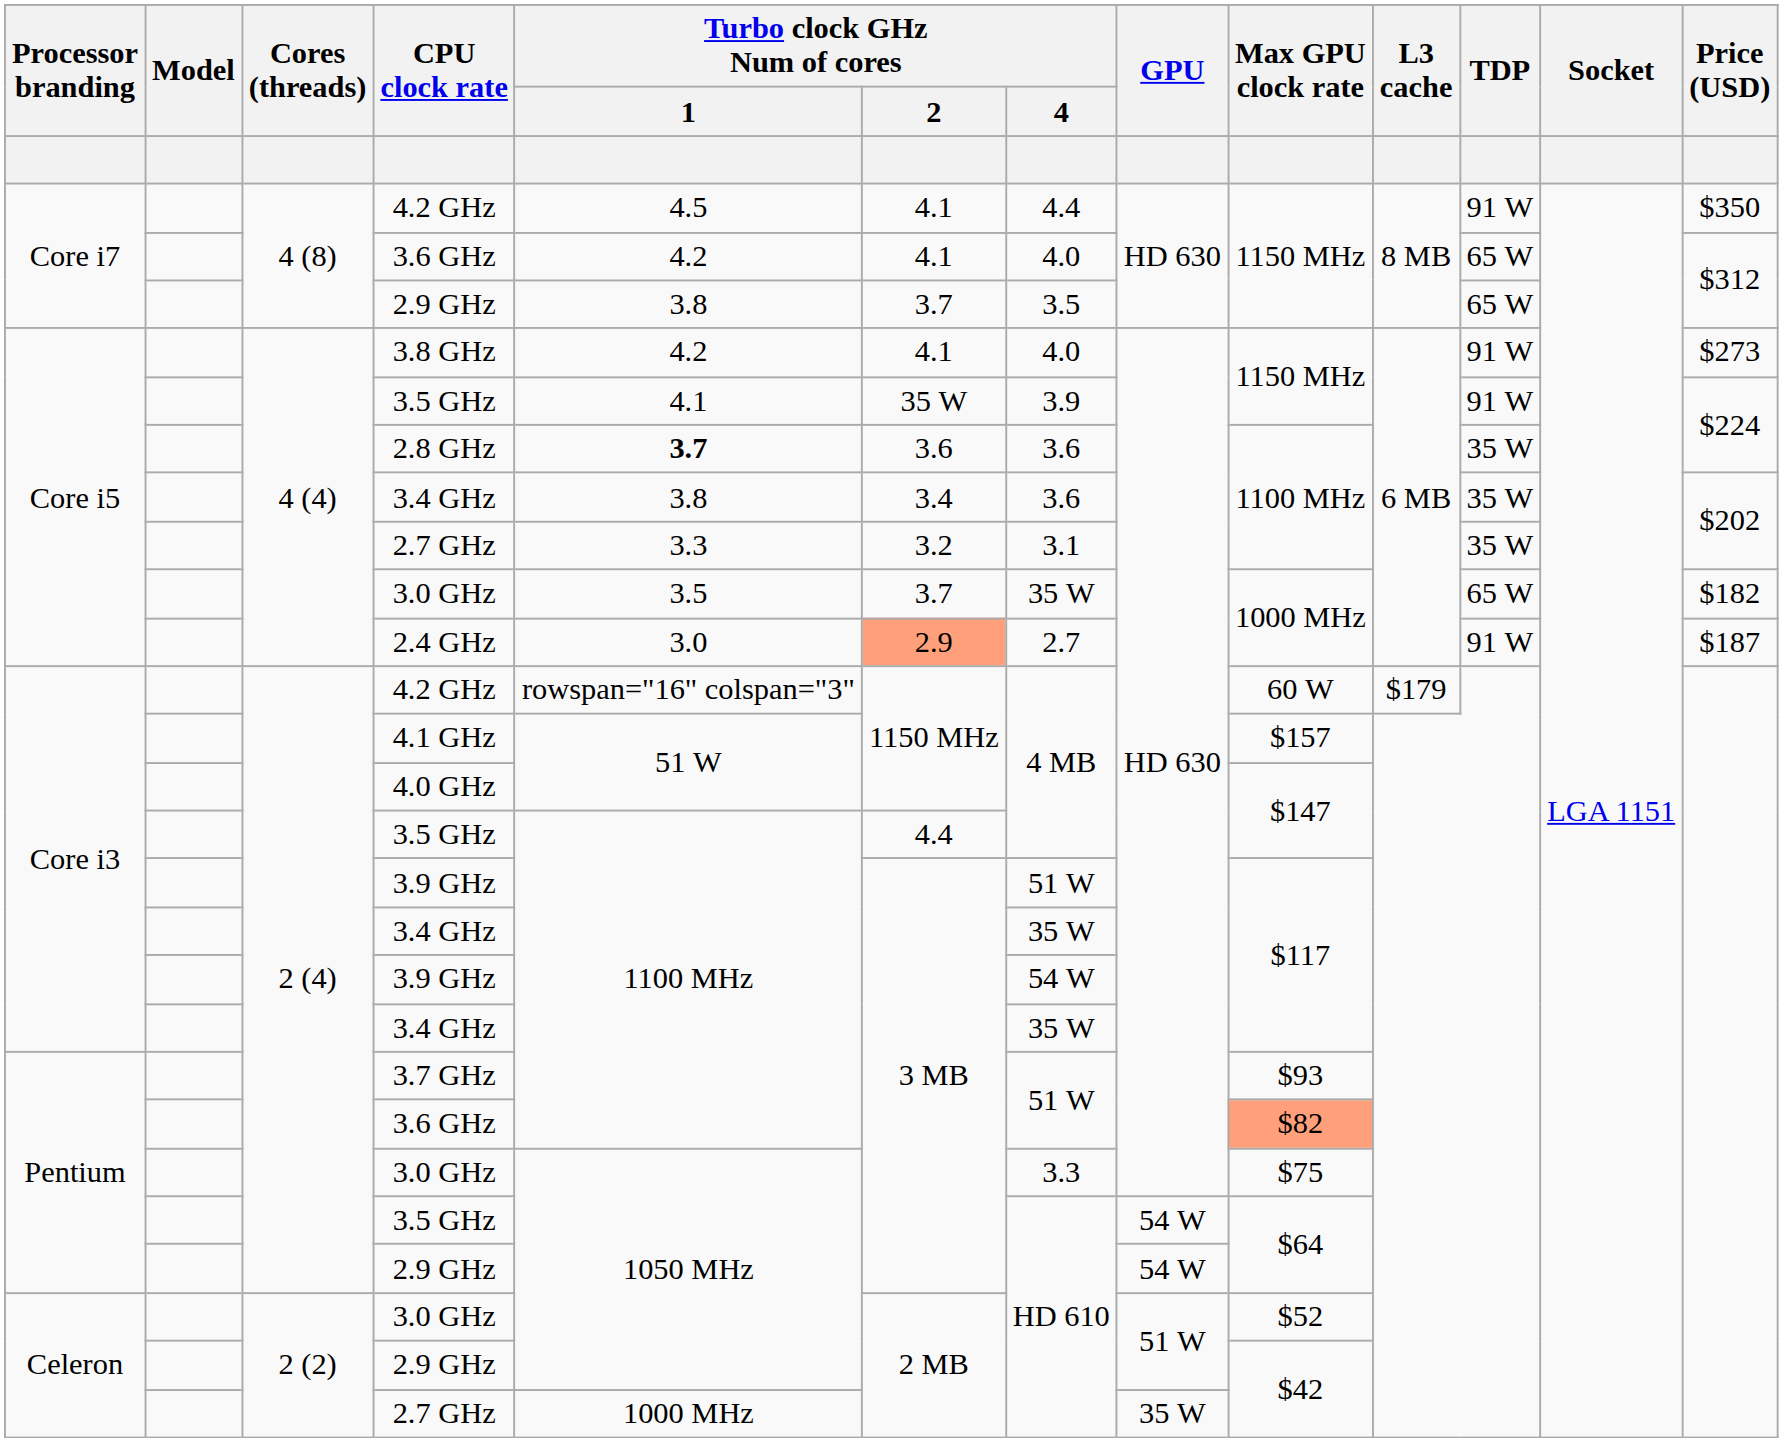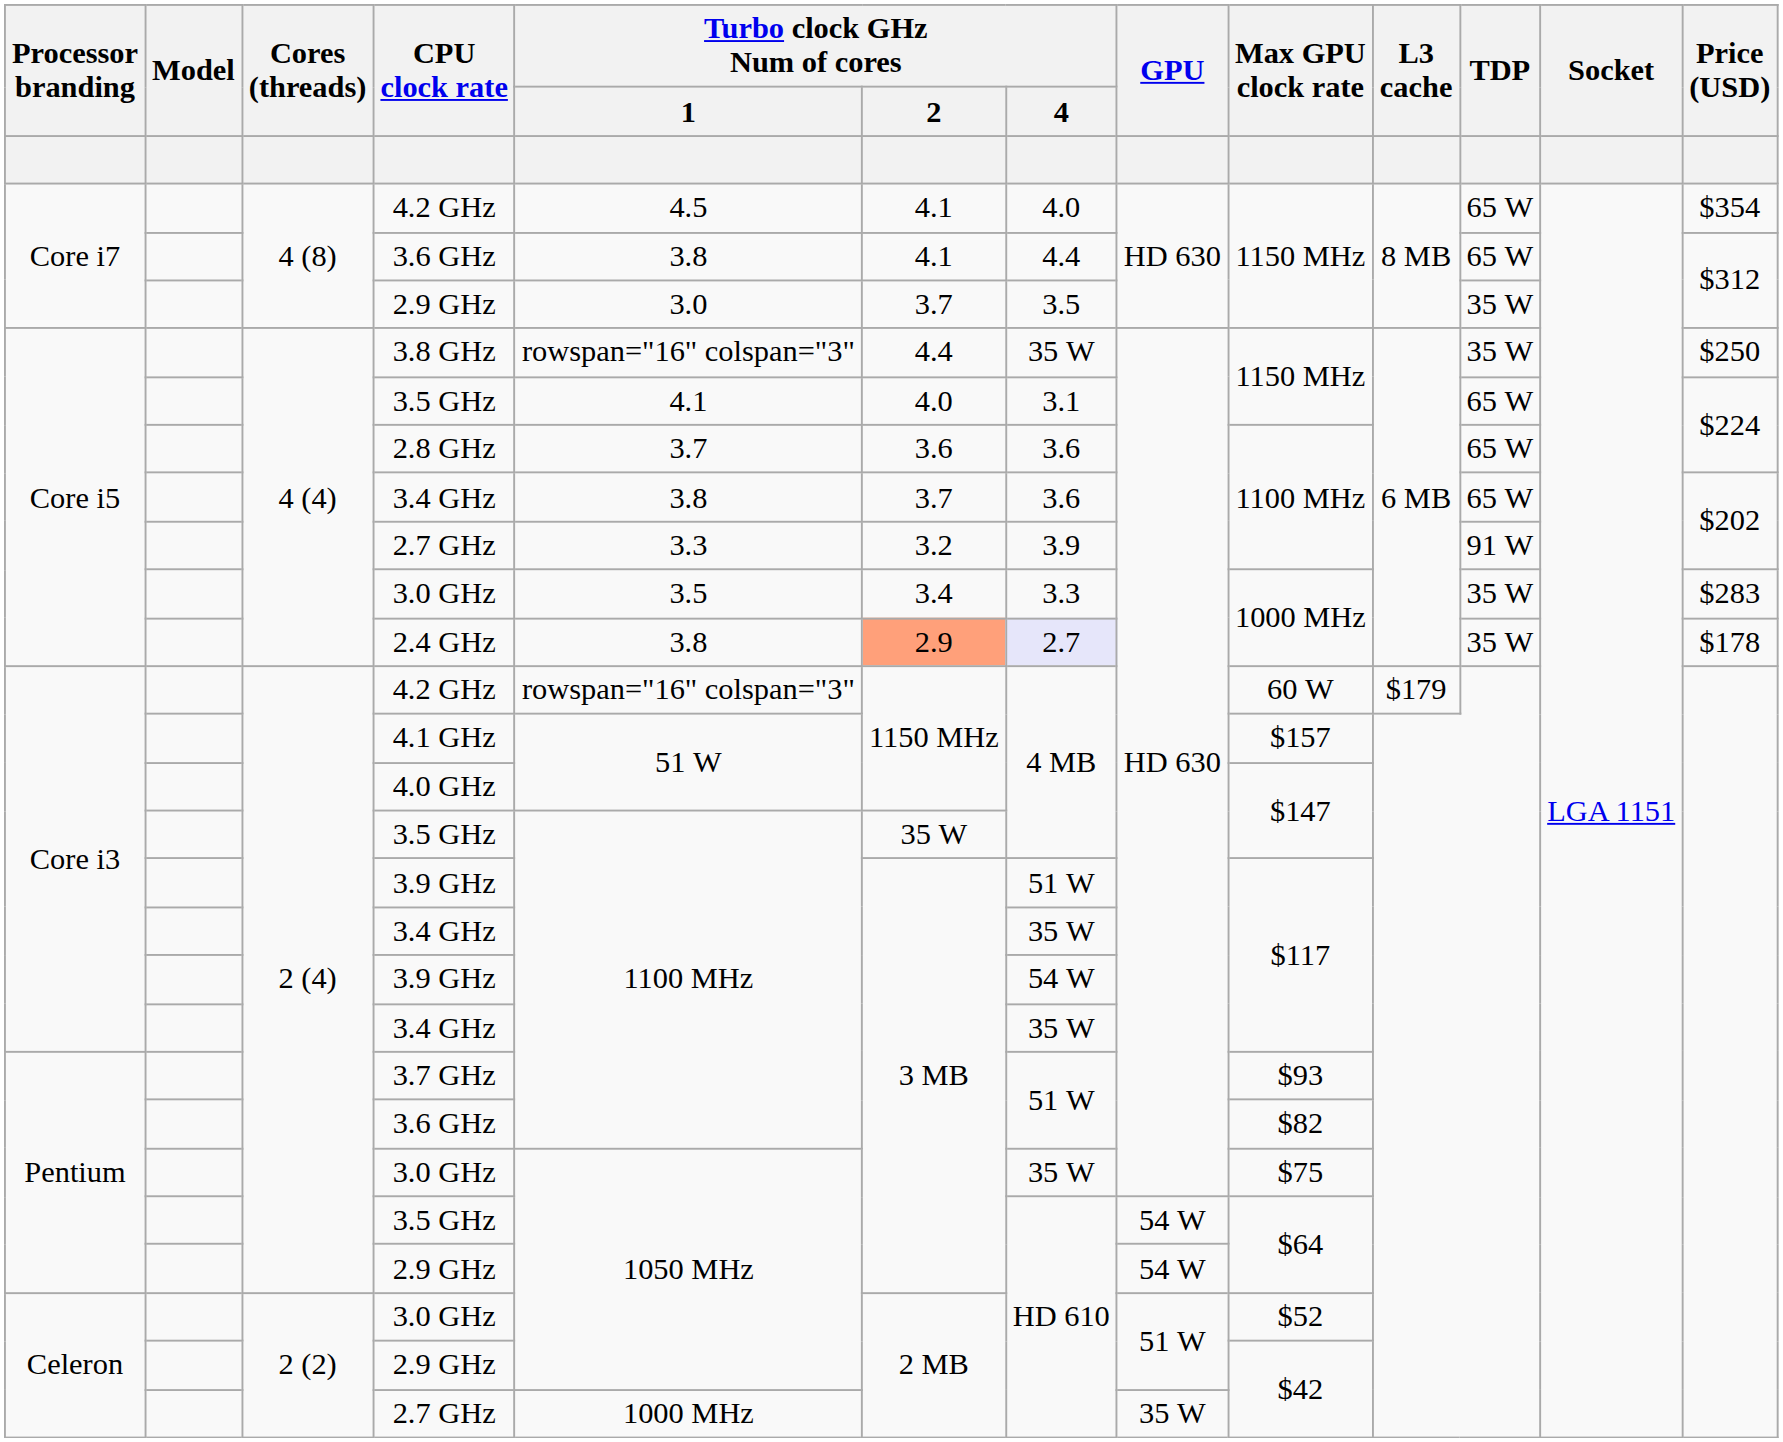 <table class="wikitable sortable hover-highlight" style="text-align: center;">
 <tr>
 <th rowspan="2">Processor<br>branding</th>
 <th rowspan="2">Model</th>
 <th rowspan="2">Cores<br>(threads)</th>
 <th rowspan="2">CPU<br><a href='#'>clock rate</a></th>
 <th colspan="3"><a href='#'>Turbo</a> clock GHz<br>Num of cores</th>
 <th rowspan="2"><a href='#'>GPU</a></th>
 <th rowspan="2">Max GPU<br>clock rate</th>
 <th rowspan="2">L3<br>cache</th>
 <th rowspan="2">TDP</th>
 <th rowspan="2" class="unsortable">Socket</th>
 <th rowspan="2">Price<br>(USD)</th>
 </tr>
 <tr>
 <th>1</th>
 <th>2</th>
 <th>4</th>
 </tr>
 <tr>
 <th style="background-position:center"><br></th>
 <th style="background-position:center"></th>
 <th style="background-position:center"></th>
 <th style="background-position:center"></th>
 <th style="background-position:center"></th>
 <th style="background-position:center"></th>
 <th style="background-position:center"></th>
 <th style="background-position:center"></th>
 <th style="background-position:center"></th>
 <th style="background-position:center"></th>
 <th style="background-position:center"></th>
 <th style="background-position:center"></th>
 <th style="background-position:center"></th>
 </tr>
 <tr>
 <td rowspan="3">Core i7</td>
 <td></td>
 <td rowspan="3">4 (8)</td>
 <td>4.2 GHz</td>
 <td>4.5</td>
 <td>4.1</td>
-<td>4.4</td>
+<td>4.0</td>
 <td rowspan="3">HD 630</td>
 <td rowspan="3">1150 MHz</td>
 <td rowspan="3">8 MB</td>
-<td>91 W</td>
+<td>65 W</td>
 <td rowspan="26"><a href='#'>LGA 1151</a></td>
-<td>$350</td>
+<td>$354</td>
 </tr>
 <tr>
 <td></td>
 <td>3.6 GHz</td>
-<td>4.2</td>
+<td>3.8</td>
 <td>4.1</td>
-<td>4.0</td>
+<td>4.4</td>
 <td>65 W</td>
 <td rowspan="2">$312</td>
 </tr>
 <tr>
 <td></td>
 <td>2.9 GHz</td>
-<td>3.8</td>
+<td>3.0</td>
 <td>3.7</td>
 <td>3.5</td>
-<td>65 W</td>
+<td>35 W</td>
 </tr>
 <tr>
 <td rowspan="7">Core i5</td>
 <td></td>
 <td rowspan="7">4 (4)</td>
 <td>3.8 GHz</td>
-<td>4.2</td>
-<td>4.1</td>
-<td>4.0</td>
+<td>rowspan="16" colspan="3" </td>
+<td>4.4</td>
+<td>35 W</td>
 <td rowspan="18">HD 630</td>
 <td rowspan="2">1150 MHz</td>
 <td rowspan="7">6 MB</td>
-<td>91 W</td>
-<td>$273</td>
+<td>35 W</td>
+<td>$250</td>
 </tr>
 <tr>
 <td></td>
 <td>3.5 GHz</td>
 <td>4.1</td>
-<td>35 W</td>
-<td>3.9</td>
-<td>91 W</td>
+<td>4.0</td>
+<td>3.1</td>
+<td>65 W</td>
 <td rowspan="2">$224</td>
 </tr>
 <tr>
 <td></td>
 <td>2.8 GHz</td>
-<td><strong>3.7</strong></td>
+<td>3.7</td>
 <td>3.6</td>
 <td>3.6</td>
 <td rowspan="3">1100 MHz</td>
-<td>35 W</td>
+<td>65 W</td>
 </tr>
 <tr>
 <td></td>
 <td>3.4 GHz</td>
 <td>3.8</td>
-<td>3.4</td>
+<td>3.7</td>
 <td>3.6</td>
-<td>35 W</td>
+<td>65 W</td>
 <td rowspan="2">$202</td>
 </tr>
 <tr>
 <td></td>
 <td>2.7 GHz</td>
 <td>3.3</td>
 <td>3.2</td>
-<td>3.1</td>
-<td>35 W</td>
+<td>3.9</td>
+<td>91 W</td>
 </tr>
 <tr>
 <td></td>
 <td>3.0 GHz</td>
 <td>3.5</td>
-<td>3.7</td>
+<td>3.4</td>
+<td>3.3</td>
+<td rowspan="2">1000 MHz</td>
 <td>35 W</td>
-<td rowspan="2">1000 MHz</td>
-<td>65 W</td>
-<td>$182</td>
+<td>$283</td>
 </tr>
 <tr>
 <td></td>
 <td>2.4 GHz</td>
-<td>3.0</td>
+<td>3.8</td>
 <td style="background: lightsalmon;">2.9</td>
-<td>2.7</td>
-<td>91 W</td>
-<td>$187</td>
+<td style="background: lavender;">2.7</td>
+<td>35 W</td>
+<td>$178</td>
 </tr>
 <tr>
 <td rowspan="8">Core i3</td>
 <td></td>
 <td rowspan="13">2 (4)</td>
 <td>4.2 GHz</td>
 <td>rowspan="16" colspan="3" </td>
 <td rowspan="3">1150 MHz</td>
 <td rowspan="4">4 MB</td>
 <td>60 W</td>
 <td>$179</td>
 </tr>
 <tr>
 <td></td>
 <td>4.1 GHz</td>
 <td rowspan="2">51 W</td>
 <td>$157</td>
 </tr>
 <tr>
 <td></td>
 <td>4.0 GHz</td>
 <td rowspan="2">$147</td>
 </tr>
 <tr>
 <td></td>
 <td>3.5 GHz</td>
 <td rowspan="7">1100 MHz</td>
-<td>4.4</td>
+<td>35 W</td>
 </tr>
 <tr>
 <td></td>
 <td>3.9 GHz</td>
 <td rowspan="9">3 MB</td>
 <td>51 W</td>
 <td rowspan="4">$117</td>
 </tr>
 <tr>
 <td></td>
 <td>3.4 GHz</td>
 <td>35 W</td>
 </tr>
 <tr>
 <td></td>
 <td>3.9 GHz</td>
 <td>54 W</td>
 </tr>
 <tr>
 <td></td>
 <td>3.4 GHz</td>
 <td>35 W</td>
 </tr>
 <tr>
 <td rowspan="5">Pentium</td>
 <td></td>
 <td>3.7 GHz</td>
 <td rowspan="2">51 W</td>
 <td>$93</td>
 </tr>
 <tr>
 <td></td>
 <td>3.6 GHz</td>
-<td style="background: lightsalmon;">$82</td>
+<td>$82</td>
 </tr>
 <tr>
 <td></td>
 <td>3.0 GHz</td>
 <td rowspan="5">1050 MHz</td>
-<td>3.3</td>
+<td>35 W</td>
 <td>$75</td>
 </tr>
 <tr>
 <td></td>
 <td>3.5 GHz</td>
 <td rowspan="5">HD 610</td>
 <td>54 W</td>
 <td rowspan="2">$64</td>
 </tr>
 <tr>
 <td></td>
 <td>2.9 GHz</td>
 <td>54 W</td>
 </tr>
 <tr>
 <td rowspan="3">Celeron</td>
 <td></td>
 <td rowspan="3">2 (2)</td>
 <td>3.0 GHz</td>
 <td rowspan="3">2 MB</td>
 <td rowspan="2">51 W</td>
 <td>$52</td>
 </tr>
 <tr>
 <td></td>
 <td>2.9 GHz</td>
 <td rowspan="2">$42</td>
 </tr>
 <tr>
 <td></td>
 <td>2.7 GHz</td>
 <td>1000 MHz</td>
 <td>35 W</td>
 </tr>
 </table>
